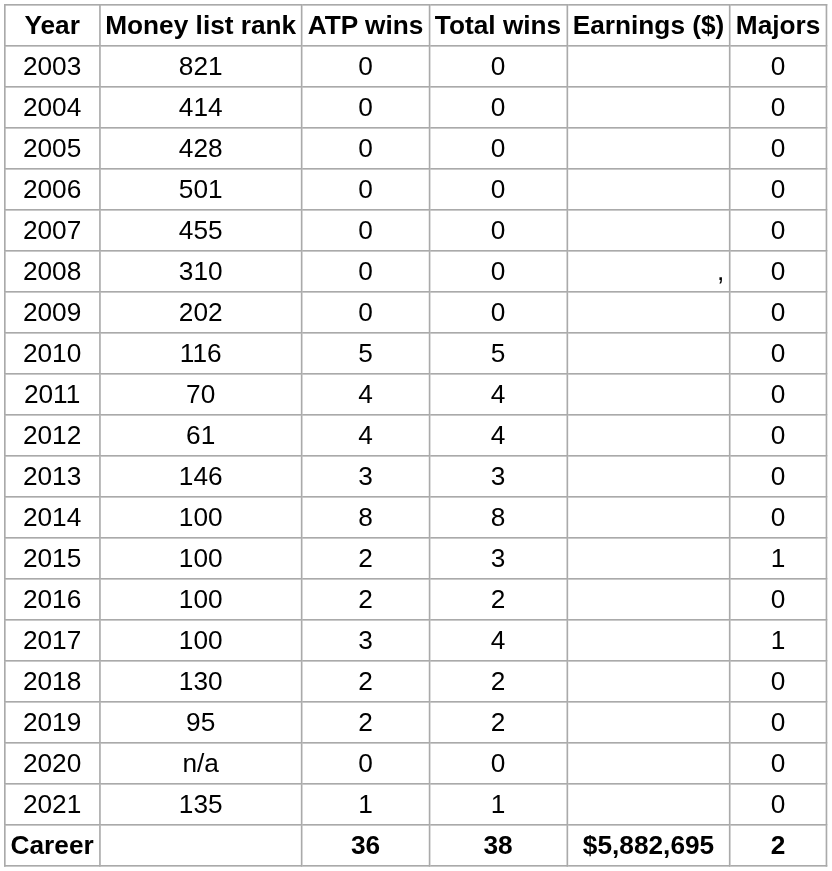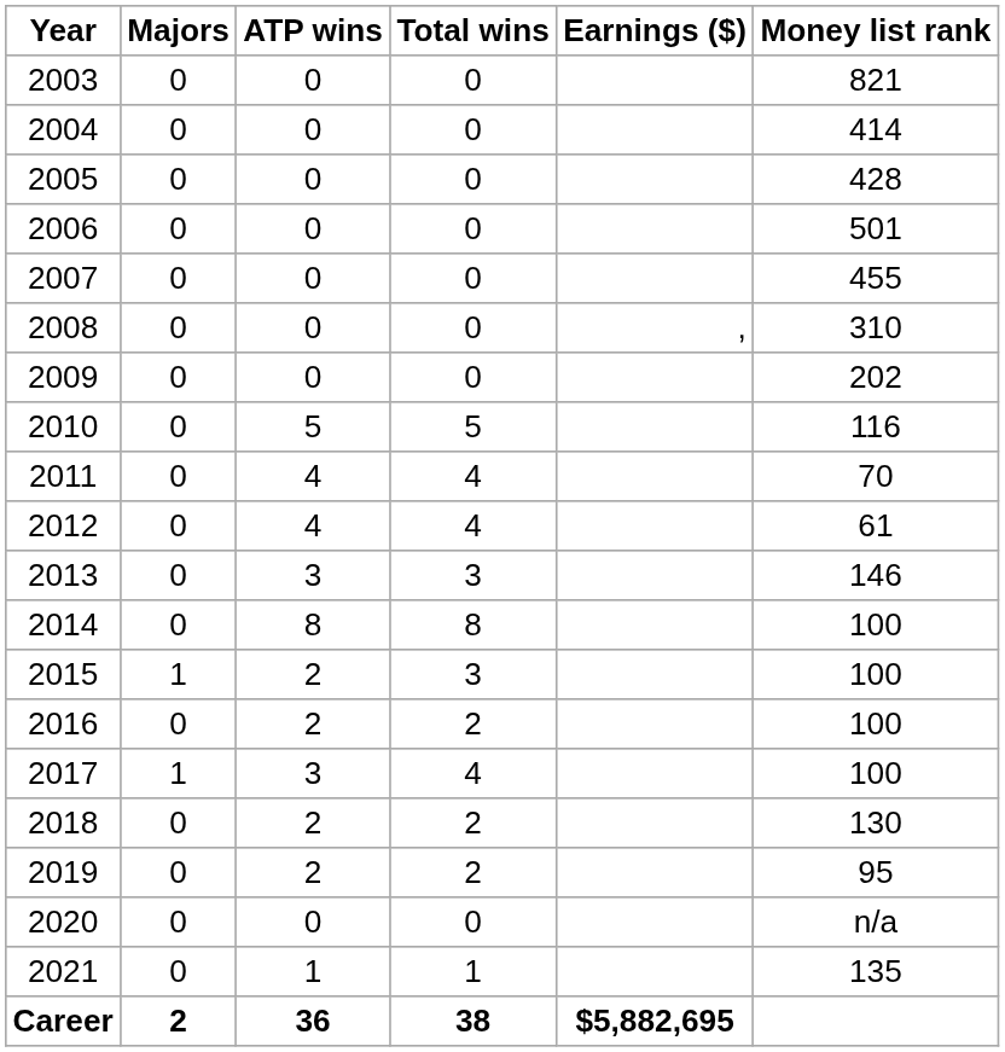 <table cellpadding=3 cellspacing=0 border=1 style=font-size:100%;border:#aaa;solid:1;border-collapse:collapse;text-align:center>
 <tr>
 <th>Year</th>
-<th>Money list rank</th>
+<th>Majors</th>
 <th>ATP wins</th>
 <th>Total wins</th>
 <th>Earnings ($)</th>
-<th>Majors</th>
+<th>Money list rank</th>
 </tr>
 <tr>
 <td>2003</td>
-<td>821</td>
+<td>0</td>
 <td>0</td>
 <td>0</td>
 <td align=right></td>
-<td>0</td>
+<td>821</td>
 </tr>
 <tr>
 <td>2004</td>
-<td>414</td>
+<td>0</td>
 <td>0</td>
 <td>0</td>
 <td align=right></td>
-<td>0</td>
+<td>414</td>
 </tr>
 <tr>
 <td>2005</td>
-<td>428</td>
+<td>0</td>
 <td>0</td>
 <td>0</td>
 <td align=right></td>
-<td>0</td>
+<td>428</td>
 </tr>
 <tr>
 <td>2006</td>
-<td>501</td>
+<td>0</td>
 <td>0</td>
 <td>0</td>
 <td align=right></td>
-<td>0</td>
+<td>501</td>
 </tr>
 <tr>
 <td>2007</td>
-<td>455</td>
+<td>0</td>
 <td>0</td>
 <td>0</td>
 <td align=right></td>
-<td>0</td>
+<td>455</td>
 </tr>
 <tr>
 <td>2008</td>
-<td>310</td>
+<td>0</td>
 <td>0</td>
 <td>0</td>
 <td align=right>,</td>
-<td>0</td>
+<td>310</td>
 </tr>
 <tr>
 <td>2009</td>
-<td>202</td>
+<td>0</td>
 <td>0</td>
 <td>0</td>
 <td align=right></td>
-<td>0</td>
+<td>202</td>
 </tr>
 <tr>
 <td>2010</td>
-<td>116</td>
+<td>0</td>
 <td>5</td>
 <td>5</td>
 <td align=right></td>
-<td>0</td>
+<td>116</td>
 </tr>
 <tr>
 <td>2011</td>
-<td>70</td>
+<td>0</td>
 <td>4</td>
 <td>4</td>
 <td align=right></td>
-<td>0</td>
+<td>70</td>
 </tr>
 <tr>
 <td>2012</td>
-<td>61</td>
+<td>0</td>
 <td>4</td>
 <td>4</td>
 <td align=right></td>
-<td>0</td>
+<td>61</td>
 </tr>
 <tr>
 <td>2013</td>
-<td>146</td>
+<td>0</td>
 <td>3</td>
 <td>3</td>
 <td align=right></td>
-<td>0</td>
+<td>146</td>
 </tr>
 <tr>
 <td>2014</td>
-<td>100</td>
+<td>0</td>
 <td>8</td>
 <td>8</td>
 <td align=right> </td>
-<td>0</td>
+<td>100</td>
 </tr>
 <tr>
 <td>2015</td>
-<td>100</td>
+<td>1</td>
 <td>2</td>
 <td>3</td>
 <td align=right> </td>
-<td>1</td>
+<td>100</td>
 </tr>
 <tr>
 <td>2016</td>
-<td>100</td>
+<td>0</td>
 <td>2</td>
 <td>2</td>
 <td align=right> </td>
-<td>0</td>
+<td>100</td>
 </tr>
 <tr>
 <td>2017</td>
-<td>100</td>
+<td>1</td>
 <td>3</td>
 <td>4</td>
 <td align=right> </td>
-<td>1</td>
+<td>100</td>
 </tr>
 <tr>
 <td>2018</td>
-<td>130</td>
+<td>0</td>
 <td>2</td>
 <td>2</td>
 <td align=right></td>
-<td>0</td>
+<td>130</td>
 </tr>
 <tr>
 <td>2019</td>
-<td>95</td>
+<td>0</td>
 <td>2</td>
 <td>2</td>
 <td align=right></td>
-<td>0</td>
+<td>95</td>
 </tr>
 <tr>
 <td>2020</td>
-<td>n/a</td>
+<td>0</td>
 <td>0</td>
 <td>0</td>
 <td></td>
-<td>0</td>
+<td>n/a</td>
 </tr>
 <tr>
 <td>2021</td>
-<td>135</td>
+<td>0</td>
 <td>1</td>
 <td>1</td>
 <td></td>
-<td>0</td>
+<td>135</td>
 </tr>
 <tr>
 <th>Career</th>
-<th></th>
+<th>2</th>
 <th>36</th>
 <th>38</th>
 <th>$5,882,695</th>
-<th>2</th>
+<th></th>
 </tr>
 </table>
